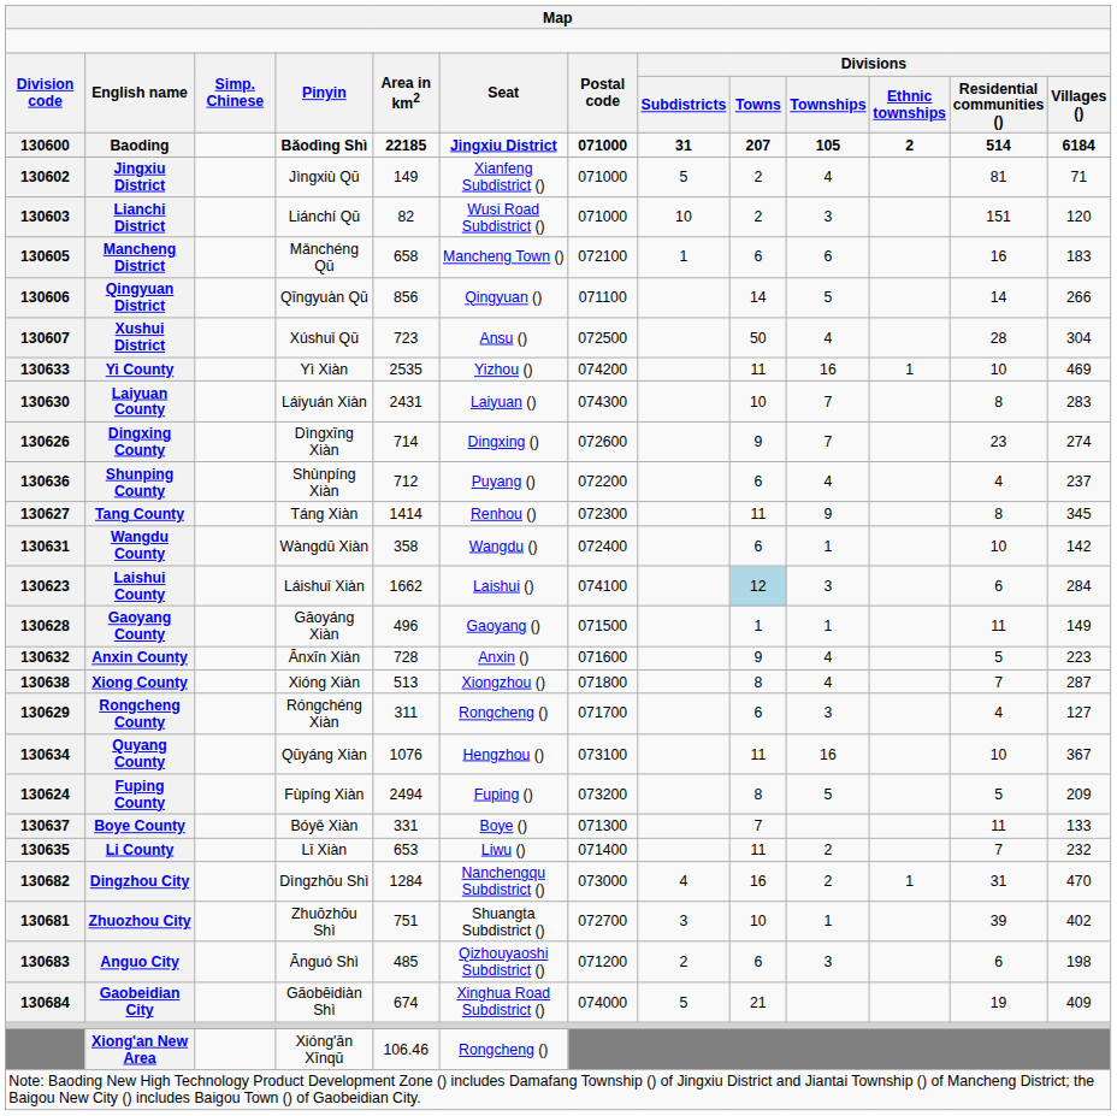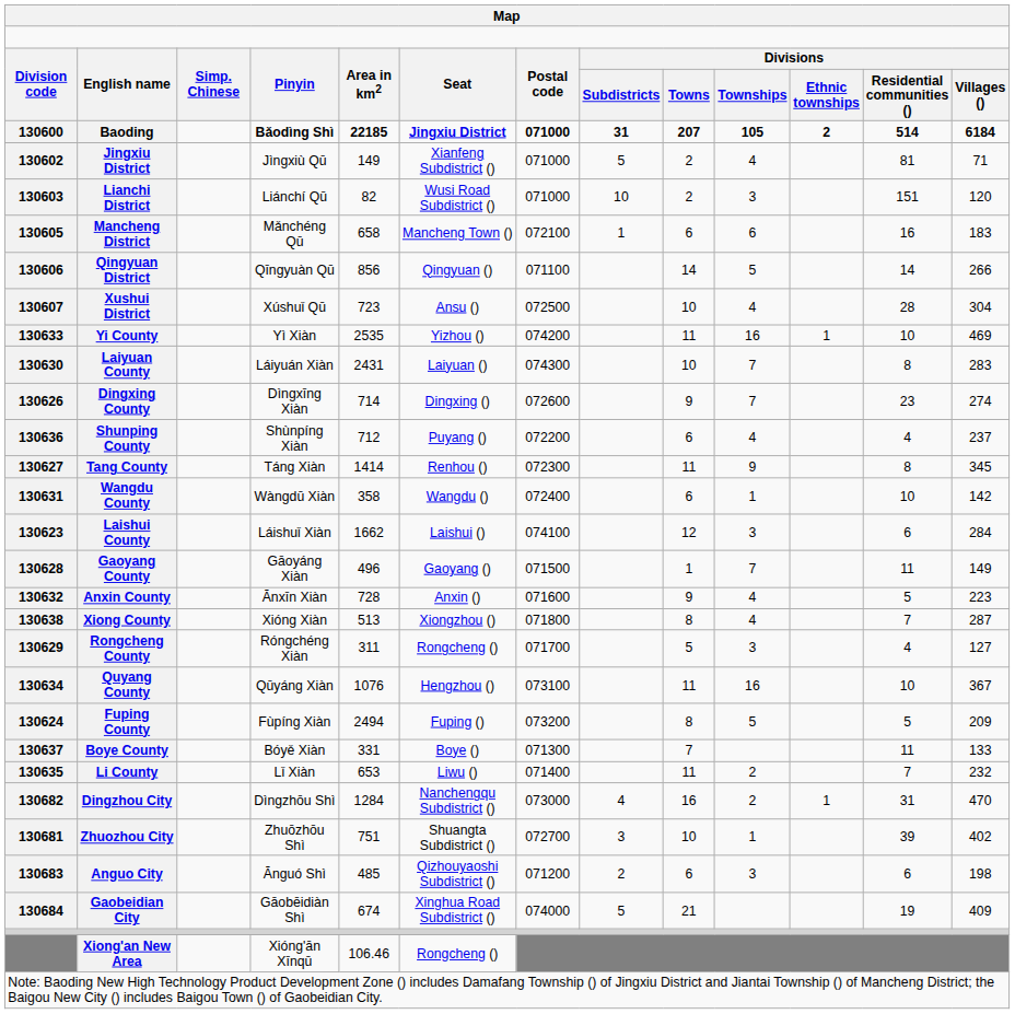 <table class="wikitable" align="center" style="width:79%; font-size:smaller" border="1">
 <tr>
 <th colspan=14><strong>Map</strong></th>
 </tr>
 <tr>
 <td colspan=14 align="center"><div><br>                              </div></td>
 </tr>
 <tr>
 <th ! scope="col" rowspan=2><a href='#'>Division code</a></th>
 <th ! scope="col" rowspan=2>English name</th>
 <th ! scope="col" rowspan=2><a href='#'>Simp. Chinese</a></th>
 <th ! scope="col" rowspan=2><a href='#'>Pinyin</a></th>
 <th ! scope="col" rowspan=2>Area in km<sup>2</sup></th>
 <th ! scope="col" rowspan=2>Seat</th>
 <th ! scope="col" rowspan=2>Postal code</th>
 <th ! scope="col" colspan=6>Divisions</th>
 </tr>
 <tr>
 <th ! scope="col" width="45"><a href='#'>Subdistricts</a></th>
 <th ! scope="col" width="45"><a href='#'>Towns</a></th>
 <th ! scope="col" width="45"><a href='#'>Townships</a></th>
 <th ! scope="col" width="45"><a href='#'>Ethnic townships</a></th>
 <th ! scope="col" width="45">Residential communities ()</th>
 <th ! scope="col" width="45">Villages ()</th>
 </tr>
 <tr align="center" style="font-weight:bold">
 <th>130600</th>
 <th>Baoding</th>
 <td></td>
 <td>Bǎodìng Shì</td>
 <td>22185</td>
 <td><a href='#'>Jingxiu District</a></td>
 <td>071000</td>
 <td>31</td>
 <td>207</td>
 <td>105</td>
 <td>2</td>
 <td>514</td>
 <td>6184</td>
 </tr>
 <tr align="center">
 <th>130602</th>
 <th><a href='#'>Jingxiu District</a></th>
 <td></td>
 <td>Jìngxiù Qū</td>
 <td>149</td>
 <td><a href='#'>Xianfeng Subdistrict</a> ()</td>
 <td>071000</td>
 <td>5</td>
 <td>2</td>
 <td>4</td>
 <td></td>
 <td>81</td>
 <td>71</td>
 </tr>
 <tr align="center">
 <th>130603</th>
 <th><a href='#'>Lianchi District</a></th>
 <td></td>
 <td>Liánchí Qū</td>
 <td>82</td>
 <td><a href='#'>Wusi Road Subdistrict</a> ()</td>
 <td>071000</td>
 <td>10</td>
 <td>2</td>
 <td>3</td>
 <td></td>
 <td>151</td>
 <td>120</td>
 </tr>
 <tr align="center">
 <th>130605</th>
 <th><a href='#'>Mancheng District</a></th>
 <td></td>
 <td>Mǎnchéng Qū</td>
 <td>658</td>
 <td><a href='#'>Mancheng Town</a> ()</td>
 <td>072100</td>
 <td>1</td>
 <td>6</td>
 <td>6</td>
 <td></td>
 <td>16</td>
 <td>183</td>
 </tr>
 <tr align="center">
 <th>130606</th>
 <th><a href='#'>Qingyuan District</a></th>
 <td></td>
 <td>Qīngyuàn Qū</td>
 <td>856</td>
 <td><a href='#'>Qingyuan</a> ()</td>
 <td>071100</td>
 <td></td>
 <td>14</td>
 <td>5</td>
 <td></td>
 <td>14</td>
 <td>266</td>
 </tr>
 <tr align="center">
 <th>130607</th>
 <th><a href='#'>Xushui District</a></th>
 <td></td>
 <td>Xúshuǐ Qū</td>
 <td>723</td>
 <td><a href='#'>Ansu</a> ()</td>
 <td>072500</td>
 <td></td>
-<td>50</td>
+<td>10</td>
 <td>4</td>
 <td></td>
 <td>28</td>
 <td>304</td>
 </tr>
 <tr align="center">
 <th>130633</th>
 <th><a href='#'>Yi County</a></th>
 <td></td>
 <td>Yì Xiàn</td>
 <td>2535</td>
 <td><a href='#'>Yizhou</a> ()</td>
 <td>074200</td>
 <td></td>
 <td>11</td>
 <td>16</td>
 <td>1</td>
 <td>10</td>
 <td>469</td>
 </tr>
 <tr align="center">
 <th>130630</th>
 <th><a href='#'>Laiyuan County</a></th>
 <td></td>
 <td>Láiyuán Xiàn</td>
 <td>2431</td>
 <td><a href='#'>Laiyuan</a> ()</td>
 <td>074300</td>
 <td></td>
 <td>10</td>
 <td>7</td>
 <td></td>
 <td>8</td>
 <td>283</td>
 </tr>
 <tr align="center">
 <th>130626</th>
 <th><a href='#'>Dingxing County</a></th>
 <td></td>
 <td>Dìngxīng Xiàn</td>
 <td>714</td>
 <td><a href='#'>Dingxing</a> ()</td>
 <td>072600</td>
 <td></td>
 <td>9</td>
 <td>7</td>
 <td></td>
 <td>23</td>
 <td>274</td>
 </tr>
 <tr align="center">
 <th>130636</th>
 <th><a href='#'>Shunping County</a></th>
 <td></td>
 <td>Shùnpíng Xiàn</td>
 <td>712</td>
 <td><a href='#'>Puyang</a> ()</td>
 <td>072200</td>
 <td></td>
 <td>6</td>
 <td>4</td>
 <td></td>
 <td>4</td>
 <td>237</td>
 </tr>
 <tr align="center">
 <th>130627</th>
 <th><a href='#'>Tang County</a></th>
 <td></td>
 <td>Táng Xiàn</td>
 <td>1414</td>
 <td><a href='#'>Renhou</a> ()</td>
 <td>072300</td>
 <td></td>
 <td>11</td>
 <td>9</td>
 <td></td>
 <td>8</td>
 <td>345</td>
 </tr>
 <tr align="center">
 <th>130631</th>
 <th><a href='#'>Wangdu County</a></th>
 <td></td>
 <td>Wàngdū Xiàn</td>
 <td>358</td>
 <td><a href='#'>Wangdu</a> ()</td>
 <td>072400</td>
 <td></td>
 <td>6</td>
 <td>1</td>
 <td></td>
 <td>10</td>
 <td>142</td>
 </tr>
 <tr align="center">
 <th>130623</th>
 <th><a href='#'>Laishui County</a></th>
 <td></td>
 <td>Láishuǐ Xiàn</td>
 <td>1662</td>
 <td><a href='#'>Laishui</a> ()</td>
 <td>074100</td>
 <td></td>
-<td style="background: lightblue;">12</td>
+<td>12</td>
 <td>3</td>
 <td></td>
 <td>6</td>
 <td>284</td>
 </tr>
 <tr align="center">
 <th>130628</th>
 <th><a href='#'>Gaoyang County</a></th>
 <td></td>
 <td>Gāoyáng Xiàn</td>
 <td>496</td>
 <td><a href='#'>Gaoyang</a> ()</td>
 <td>071500</td>
 <td></td>
 <td>1</td>
-<td>1</td>
+<td>7</td>
 <td></td>
 <td>11</td>
 <td>149</td>
 </tr>
 <tr align="center">
 <th>130632</th>
 <th><a href='#'>Anxin County</a></th>
 <td></td>
 <td>Ānxīn Xiàn</td>
 <td>728</td>
 <td><a href='#'>Anxin</a> ()</td>
 <td>071600</td>
 <td></td>
 <td>9</td>
 <td>4</td>
 <td></td>
 <td>5</td>
 <td>223</td>
 </tr>
 <tr align="center">
 <th>130638</th>
 <th><a href='#'>Xiong County</a></th>
 <td></td>
 <td>Xióng Xiàn</td>
 <td>513</td>
 <td><a href='#'>Xiongzhou</a> ()</td>
 <td>071800</td>
 <td></td>
 <td>8</td>
 <td>4</td>
 <td></td>
 <td>7</td>
 <td>287</td>
 </tr>
 <tr align="center">
 <th>130629</th>
 <th><a href='#'>Rongcheng County</a></th>
 <td></td>
 <td>Róngchéng Xiàn</td>
 <td>311</td>
 <td><a href='#'>Rongcheng</a> ()</td>
 <td>071700</td>
 <td></td>
-<td>6</td>
+<td>5</td>
 <td>3</td>
 <td></td>
 <td>4</td>
 <td>127</td>
 </tr>
 <tr align="center">
 <th>130634</th>
 <th><a href='#'>Quyang County</a></th>
 <td></td>
 <td>Qūyáng Xiàn</td>
 <td>1076</td>
 <td><a href='#'>Hengzhou</a> ()</td>
 <td>073100</td>
 <td></td>
 <td>11</td>
 <td>16</td>
 <td></td>
 <td>10</td>
 <td>367</td>
 </tr>
 <tr align="center">
 <th>130624</th>
 <th><a href='#'>Fuping County</a></th>
 <td></td>
 <td>Fùpíng Xiàn</td>
 <td>2494</td>
 <td><a href='#'>Fuping</a> ()</td>
 <td>073200</td>
 <td></td>
 <td>8</td>
 <td>5</td>
 <td></td>
 <td>5</td>
 <td>209</td>
 </tr>
 <tr align="center">
 <th>130637</th>
 <th><a href='#'>Boye County</a></th>
 <td></td>
 <td>Bóyě Xiàn</td>
 <td>331</td>
 <td><a href='#'>Boye</a> ()</td>
 <td>071300</td>
 <td></td>
 <td>7</td>
 <td></td>
 <td></td>
 <td>11</td>
 <td>133</td>
 </tr>
 <tr align="center">
 <th>130635</th>
 <th><a href='#'>Li County</a></th>
 <td></td>
 <td>Lǐ Xiàn</td>
 <td>653</td>
 <td><a href='#'>Liwu</a> ()</td>
 <td>071400</td>
 <td></td>
 <td>11</td>
 <td>2</td>
 <td></td>
 <td>7</td>
 <td>232</td>
 </tr>
 <tr align="center">
 <th>130682</th>
 <th><a href='#'>Dingzhou City</a></th>
 <td></td>
 <td>Dìngzhōu Shì</td>
 <td>1284</td>
 <td><a href='#'>Nanchengqu Subdistrict</a> ()</td>
 <td>073000</td>
 <td>4</td>
 <td>16</td>
 <td>2</td>
 <td>1</td>
 <td>31</td>
 <td>470</td>
 </tr>
 <tr align="center">
 <th>130681</th>
 <th><a href='#'>Zhuozhou City</a></th>
 <td></td>
 <td>Zhuōzhōu Shì</td>
 <td>751</td>
 <td>Shuangta Subdistrict ()</td>
 <td>072700</td>
 <td>3</td>
 <td>10</td>
 <td>1</td>
 <td></td>
 <td>39</td>
 <td>402</td>
 </tr>
 <tr align="center">
 <th>130683</th>
 <th><a href='#'>Anguo City</a></th>
 <td></td>
 <td>Ānguó Shì</td>
 <td>485</td>
 <td><a href='#'>Qizhouyaoshi Subdistrict</a> ()</td>
 <td>071200</td>
 <td>2</td>
 <td>6</td>
 <td>3</td>
 <td></td>
 <td>6</td>
 <td>198</td>
 </tr>
 <tr align="center">
 <th>130684</th>
 <th><a href='#'>Gaobeidian City</a></th>
 <td></td>
 <td>Gāobēidiàn Shì</td>
 <td>674</td>
 <td><a href='#'>Xinghua Road Subdistrict</a> ()</td>
 <td>074000</td>
 <td>5</td>
 <td>21</td>
 <td></td>
 <td></td>
 <td>19</td>
 <td>409</td>
 </tr>
 <tr style = "background:lightgrey; height: 2pt">
 <td colspan = "13"></td>
 </tr>
 <tr align="center">
 <td bgcolor="grey"> </td>
 <th><a href='#'>Xiong'an New Area</a></th>
 <td></td>
 <td>Xióng'ān Xīnqū</td>
 <td>106.46</td>
 <td><a href='#'>Rongcheng</a> ()</td>
 <td colspan="7" bgcolor="grey"></td>
 </tr>
 <tr>
 <td colspan=14>Note: Baoding New High Technology Product Development Zone () includes Damafang Township () of Jingxiu District and Jiantai Township () of Mancheng District; the Baigou New City () includes Baigou Town () of Gaobeidian City.</td>
 </tr>
 </table>
